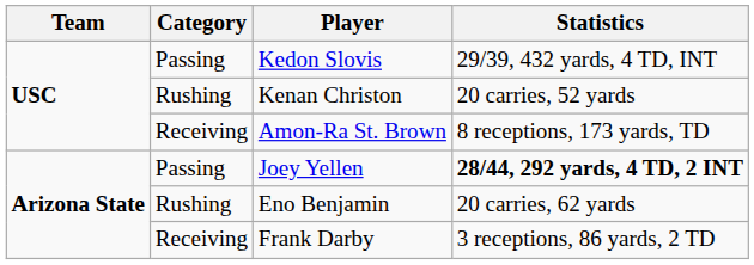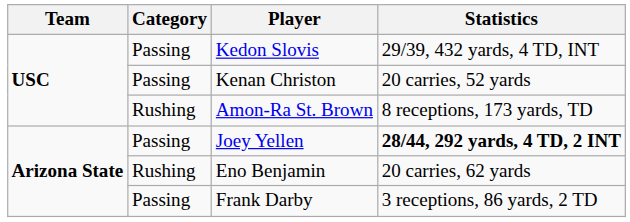 <table class="wikitable" style="float: right;">
 <tr>
 <th>Team</th>
 <th>Category</th>
 <th>Player</th>
 <th>Statistics</th>
 </tr>
 <tr>
 <td rowspan=3><strong>USC</strong></td>
 <td>Passing</td>
 <td><a href='#'>Kedon Slovis</a></td>
 <td>29/39, 432 yards, 4 TD, INT</td>
 </tr>
 <tr>
-<td>Rushing</td>
+<td>Passing</td>
 <td>Kenan Christon</td>
 <td>20 carries, 52 yards</td>
 </tr>
 <tr>
-<td>Receiving</td>
+<td>Rushing</td>
 <td><a href='#'>Amon-Ra St. Brown</a></td>
 <td>8 receptions, 173 yards, TD</td>
 </tr>
 <tr>
 <td rowspan=3><strong>Arizona State</strong></td>
 <td>Passing</td>
 <td><a href='#'>Joey Yellen</a></td>
 <td><strong>28/44, 292 yards, 4 TD, 2 INT</strong></td>
 </tr>
 <tr>
 <td>Rushing</td>
 <td>Eno Benjamin</td>
 <td>20 carries, 62 yards</td>
 </tr>
 <tr>
-<td>Receiving</td>
+<td>Passing</td>
 <td>Frank Darby</td>
 <td>3 receptions, 86 yards, 2 TD</td>
 </tr>
 </table>
